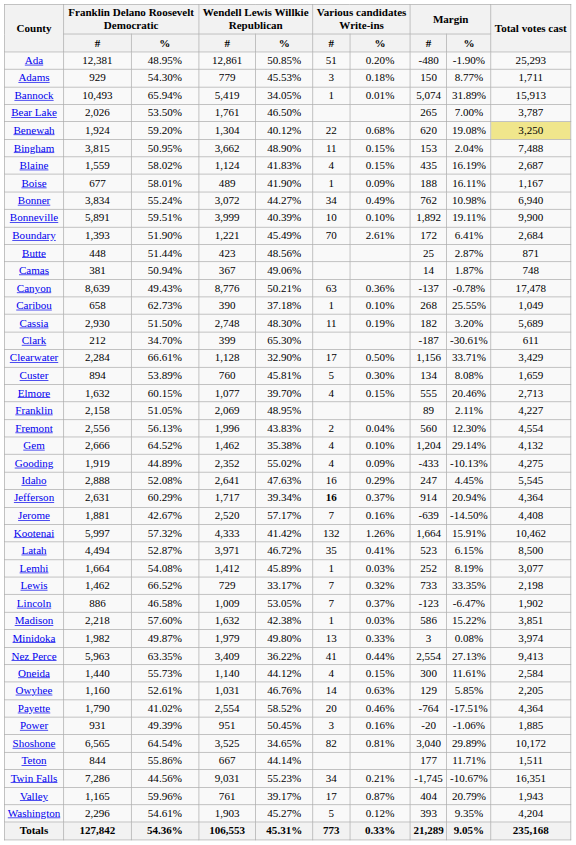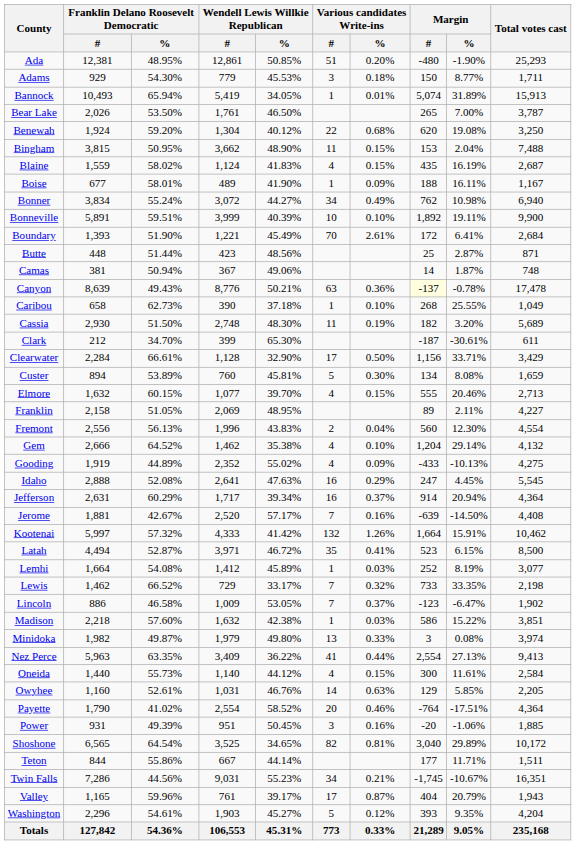 <table width="65%"  class="wikitable sortable" style="text-align:center">
 <tr>
 <th style="text-align:center;" rowspan="2">County</th>
 <th style="text-align:center;" colspan="2">Franklin Delano Roosevelt<br>Democratic</th>
 <th style="text-align:center;" colspan="2">Wendell Lewis Willkie<br>Republican</th>
 <th style="text-align:center;" colspan="2">Various candidates<br>Write-ins</th>
 <th style="text-align:center;" colspan="2">Margin</th>
 <th style="text-align:center;" rowspan="2">Total votes cast</th>
 </tr>
 <tr>
 <th style="text-align:center;" data-sort-type="number">#</th>
 <th style="text-align:center;" data-sort-type="number">%</th>
 <th style="text-align:center;" data-sort-type="number">#</th>
 <th style="text-align:center;" data-sort-type="number">%</th>
 <th style="text-align:center;" data-sort-type="number">#</th>
 <th style="text-align:center;" data-sort-type="number">%</th>
 <th style="text-align:center;" data-sort-type="number">#</th>
 <th style="text-align:center;" data-sort-type="number">%</th>
 </tr>
 <tr style="text-align:center;">
 <td><a href='#'>Ada</a></td>
 <td>12,381</td>
 <td>48.95%</td>
 <td>12,861</td>
 <td>50.85%</td>
 <td>51</td>
 <td>0.20%</td>
 <td>-480</td>
 <td>-1.90%</td>
 <td>25,293</td>
 </tr>
 <tr style="text-align:center;">
 <td><a href='#'>Adams</a></td>
 <td>929</td>
 <td>54.30%</td>
 <td>779</td>
 <td>45.53%</td>
 <td>3</td>
 <td>0.18%</td>
 <td>150</td>
 <td>8.77%</td>
 <td>1,711</td>
 </tr>
 <tr style="text-align:center;">
 <td><a href='#'>Bannock</a></td>
 <td>10,493</td>
 <td>65.94%</td>
 <td>5,419</td>
 <td>34.05%</td>
 <td>1</td>
 <td>0.01%</td>
 <td>5,074</td>
 <td>31.89%</td>
 <td>15,913</td>
 </tr>
 <tr style="text-align:center;">
 <td><a href='#'>Bear Lake</a></td>
 <td>2,026</td>
 <td>53.50%</td>
 <td>1,761</td>
 <td>46.50%</td>
 <td></td>
 <td></td>
 <td>265</td>
 <td>7.00%</td>
 <td>3,787</td>
 </tr>
 <tr style="text-align:center;">
 <td><a href='#'>Benewah</a></td>
 <td>1,924</td>
 <td>59.20%</td>
 <td>1,304</td>
 <td>40.12%</td>
 <td>22</td>
 <td>0.68%</td>
 <td>620</td>
 <td>19.08%</td>
-<td style="background: khaki;">3,250</td>
+<td>3,250</td>
 </tr>
 <tr style="text-align:center;">
 <td><a href='#'>Bingham</a></td>
 <td>3,815</td>
 <td>50.95%</td>
 <td>3,662</td>
 <td>48.90%</td>
 <td>11</td>
 <td>0.15%</td>
 <td>153</td>
 <td>2.04%</td>
 <td>7,488</td>
 </tr>
 <tr style="text-align:center;">
 <td><a href='#'>Blaine</a></td>
 <td>1,559</td>
 <td>58.02%</td>
 <td>1,124</td>
 <td>41.83%</td>
 <td>4</td>
 <td>0.15%</td>
 <td>435</td>
 <td>16.19%</td>
 <td>2,687</td>
 </tr>
 <tr style="text-align:center;">
 <td><a href='#'>Boise</a></td>
 <td>677</td>
 <td>58.01%</td>
 <td>489</td>
 <td>41.90%</td>
 <td>1</td>
 <td>0.09%</td>
 <td>188</td>
 <td>16.11%</td>
 <td>1,167</td>
 </tr>
 <tr style="text-align:center;">
 <td><a href='#'>Bonner</a></td>
 <td>3,834</td>
 <td>55.24%</td>
 <td>3,072</td>
 <td>44.27%</td>
 <td>34</td>
 <td>0.49%</td>
 <td>762</td>
 <td>10.98%</td>
 <td>6,940</td>
 </tr>
 <tr style="text-align:center;">
 <td><a href='#'>Bonneville</a></td>
 <td>5,891</td>
 <td>59.51%</td>
 <td>3,999</td>
 <td>40.39%</td>
 <td>10</td>
 <td>0.10%</td>
 <td>1,892</td>
 <td>19.11%</td>
 <td>9,900</td>
 </tr>
 <tr style="text-align:center;">
 <td><a href='#'>Boundary</a></td>
 <td>1,393</td>
 <td>51.90%</td>
 <td>1,221</td>
 <td>45.49%</td>
 <td>70</td>
 <td>2.61%</td>
 <td>172</td>
 <td>6.41%</td>
 <td>2,684</td>
 </tr>
 <tr style="text-align:center;">
 <td><a href='#'>Butte</a></td>
 <td>448</td>
 <td>51.44%</td>
 <td>423</td>
 <td>48.56%</td>
 <td></td>
 <td></td>
 <td>25</td>
 <td>2.87%</td>
 <td>871</td>
 </tr>
 <tr style="text-align:center;">
 <td><a href='#'>Camas</a></td>
 <td>381</td>
 <td>50.94%</td>
 <td>367</td>
 <td>49.06%</td>
 <td></td>
 <td></td>
 <td>14</td>
 <td>1.87%</td>
 <td>748</td>
 </tr>
 <tr style="text-align:center;">
 <td><a href='#'>Canyon</a></td>
 <td>8,639</td>
 <td>49.43%</td>
 <td>8,776</td>
 <td>50.21%</td>
 <td>63</td>
 <td>0.36%</td>
-<td>-137</td>
+<td style="background: lightyellow;">-137</td>
 <td>-0.78%</td>
 <td>17,478</td>
 </tr>
 <tr style="text-align:center;">
 <td><a href='#'>Caribou</a></td>
 <td>658</td>
 <td>62.73%</td>
 <td>390</td>
 <td>37.18%</td>
 <td>1</td>
 <td>0.10%</td>
 <td>268</td>
 <td>25.55%</td>
 <td>1,049</td>
 </tr>
 <tr style="text-align:center;">
 <td><a href='#'>Cassia</a></td>
 <td>2,930</td>
 <td>51.50%</td>
 <td>2,748</td>
 <td>48.30%</td>
 <td>11</td>
 <td>0.19%</td>
 <td>182</td>
 <td>3.20%</td>
 <td>5,689</td>
 </tr>
 <tr style="text-align:center;">
 <td><a href='#'>Clark</a></td>
 <td>212</td>
 <td>34.70%</td>
 <td>399</td>
 <td>65.30%</td>
 <td></td>
 <td></td>
 <td>-187</td>
 <td>-30.61%</td>
 <td>611</td>
 </tr>
 <tr style="text-align:center;">
 <td><a href='#'>Clearwater</a></td>
 <td>2,284</td>
 <td>66.61%</td>
 <td>1,128</td>
 <td>32.90%</td>
 <td>17</td>
 <td>0.50%</td>
 <td>1,156</td>
 <td>33.71%</td>
 <td>3,429</td>
 </tr>
 <tr style="text-align:center;">
 <td><a href='#'>Custer</a></td>
 <td>894</td>
 <td>53.89%</td>
 <td>760</td>
 <td>45.81%</td>
 <td>5</td>
 <td>0.30%</td>
 <td>134</td>
 <td>8.08%</td>
 <td>1,659</td>
 </tr>
 <tr style="text-align:center;">
 <td><a href='#'>Elmore</a></td>
 <td>1,632</td>
 <td>60.15%</td>
 <td>1,077</td>
 <td>39.70%</td>
 <td>4</td>
 <td>0.15%</td>
 <td>555</td>
 <td>20.46%</td>
 <td>2,713</td>
 </tr>
 <tr style="text-align:center;">
 <td><a href='#'>Franklin</a></td>
 <td>2,158</td>
 <td>51.05%</td>
 <td>2,069</td>
 <td>48.95%</td>
 <td></td>
 <td></td>
 <td>89</td>
 <td>2.11%</td>
 <td>4,227</td>
 </tr>
 <tr style="text-align:center;">
 <td><a href='#'>Fremont</a></td>
 <td>2,556</td>
 <td>56.13%</td>
 <td>1,996</td>
 <td>43.83%</td>
 <td>2</td>
 <td>0.04%</td>
 <td>560</td>
 <td>12.30%</td>
 <td>4,554</td>
 </tr>
 <tr style="text-align:center;">
 <td><a href='#'>Gem</a></td>
 <td>2,666</td>
 <td>64.52%</td>
 <td>1,462</td>
 <td>35.38%</td>
 <td>4</td>
 <td>0.10%</td>
 <td>1,204</td>
 <td>29.14%</td>
 <td>4,132</td>
 </tr>
 <tr style="text-align:center;">
 <td><a href='#'>Gooding</a></td>
 <td>1,919</td>
 <td>44.89%</td>
 <td>2,352</td>
 <td>55.02%</td>
 <td>4</td>
 <td>0.09%</td>
 <td>-433</td>
 <td>-10.13%</td>
 <td>4,275</td>
 </tr>
 <tr style="text-align:center;">
 <td><a href='#'>Idaho</a></td>
 <td>2,888</td>
 <td>52.08%</td>
 <td>2,641</td>
 <td>47.63%</td>
 <td>16</td>
 <td>0.29%</td>
 <td>247</td>
 <td>4.45%</td>
 <td>5,545</td>
 </tr>
 <tr style="text-align:center;">
 <td><a href='#'>Jefferson</a></td>
 <td>2,631</td>
 <td>60.29%</td>
 <td>1,717</td>
 <td>39.34%</td>
-<td><strong>16</strong></td>
+<td>16</td>
 <td>0.37%</td>
 <td>914</td>
 <td>20.94%</td>
 <td>4,364</td>
 </tr>
 <tr style="text-align:center;">
 <td><a href='#'>Jerome</a></td>
 <td>1,881</td>
 <td>42.67%</td>
 <td>2,520</td>
 <td>57.17%</td>
 <td>7</td>
 <td>0.16%</td>
 <td>-639</td>
 <td>-14.50%</td>
 <td>4,408</td>
 </tr>
 <tr style="text-align:center;">
 <td><a href='#'>Kootenai</a></td>
 <td>5,997</td>
 <td>57.32%</td>
 <td>4,333</td>
 <td>41.42%</td>
 <td>132</td>
 <td>1.26%</td>
 <td>1,664</td>
 <td>15.91%</td>
 <td>10,462</td>
 </tr>
 <tr style="text-align:center;">
 <td><a href='#'>Latah</a></td>
 <td>4,494</td>
 <td>52.87%</td>
 <td>3,971</td>
 <td>46.72%</td>
 <td>35</td>
 <td>0.41%</td>
 <td>523</td>
 <td>6.15%</td>
 <td>8,500</td>
 </tr>
 <tr style="text-align:center;">
 <td><a href='#'>Lemhi</a></td>
 <td>1,664</td>
 <td>54.08%</td>
 <td>1,412</td>
 <td>45.89%</td>
 <td>1</td>
 <td>0.03%</td>
 <td>252</td>
 <td>8.19%</td>
 <td>3,077</td>
 </tr>
 <tr style="text-align:center;">
 <td><a href='#'>Lewis</a></td>
 <td>1,462</td>
 <td>66.52%</td>
 <td>729</td>
 <td>33.17%</td>
 <td>7</td>
 <td>0.32%</td>
 <td>733</td>
 <td>33.35%</td>
 <td>2,198</td>
 </tr>
 <tr style="text-align:center;">
 <td><a href='#'>Lincoln</a></td>
 <td>886</td>
 <td>46.58%</td>
 <td>1,009</td>
 <td>53.05%</td>
 <td>7</td>
 <td>0.37%</td>
 <td>-123</td>
 <td>-6.47%</td>
 <td>1,902</td>
 </tr>
 <tr style="text-align:center;">
 <td><a href='#'>Madison</a></td>
 <td>2,218</td>
 <td>57.60%</td>
 <td>1,632</td>
 <td>42.38%</td>
 <td>1</td>
 <td>0.03%</td>
 <td>586</td>
 <td>15.22%</td>
 <td>3,851</td>
 </tr>
 <tr style="text-align:center;">
 <td><a href='#'>Minidoka</a></td>
 <td>1,982</td>
 <td>49.87%</td>
 <td>1,979</td>
 <td>49.80%</td>
 <td>13</td>
 <td>0.33%</td>
 <td>3</td>
 <td>0.08%</td>
 <td>3,974</td>
 </tr>
 <tr style="text-align:center;">
 <td><a href='#'>Nez Perce</a></td>
 <td>5,963</td>
 <td>63.35%</td>
 <td>3,409</td>
 <td>36.22%</td>
 <td>41</td>
 <td>0.44%</td>
 <td>2,554</td>
 <td>27.13%</td>
 <td>9,413</td>
 </tr>
 <tr style="text-align:center;">
 <td><a href='#'>Oneida</a></td>
 <td>1,440</td>
 <td>55.73%</td>
 <td>1,140</td>
 <td>44.12%</td>
 <td>4</td>
 <td>0.15%</td>
 <td>300</td>
 <td>11.61%</td>
 <td>2,584</td>
 </tr>
 <tr style="text-align:center;">
 <td><a href='#'>Owyhee</a></td>
 <td>1,160</td>
 <td>52.61%</td>
 <td>1,031</td>
 <td>46.76%</td>
 <td>14</td>
 <td>0.63%</td>
 <td>129</td>
 <td>5.85%</td>
 <td>2,205</td>
 </tr>
 <tr style="text-align:center;">
 <td><a href='#'>Payette</a></td>
 <td>1,790</td>
 <td>41.02%</td>
 <td>2,554</td>
 <td>58.52%</td>
 <td>20</td>
 <td>0.46%</td>
 <td>-764</td>
 <td>-17.51%</td>
 <td>4,364</td>
 </tr>
 <tr style="text-align:center;">
 <td><a href='#'>Power</a></td>
 <td>931</td>
 <td>49.39%</td>
 <td>951</td>
 <td>50.45%</td>
 <td>3</td>
 <td>0.16%</td>
 <td>-20</td>
 <td>-1.06%</td>
 <td>1,885</td>
 </tr>
 <tr style="text-align:center;">
 <td><a href='#'>Shoshone</a></td>
 <td>6,565</td>
 <td>64.54%</td>
 <td>3,525</td>
 <td>34.65%</td>
 <td>82</td>
 <td>0.81%</td>
 <td>3,040</td>
 <td>29.89%</td>
 <td>10,172</td>
 </tr>
 <tr style="text-align:center;">
 <td><a href='#'>Teton</a></td>
 <td>844</td>
 <td>55.86%</td>
 <td>667</td>
 <td>44.14%</td>
 <td></td>
 <td></td>
 <td>177</td>
 <td>11.71%</td>
 <td>1,511</td>
 </tr>
 <tr style="text-align:center;">
 <td><a href='#'>Twin Falls</a></td>
 <td>7,286</td>
 <td>44.56%</td>
 <td>9,031</td>
 <td>55.23%</td>
 <td>34</td>
 <td>0.21%</td>
 <td>-1,745</td>
 <td>-10.67%</td>
 <td>16,351</td>
 </tr>
 <tr style="text-align:center;">
 <td><a href='#'>Valley</a></td>
 <td>1,165</td>
 <td>59.96%</td>
 <td>761</td>
 <td>39.17%</td>
 <td>17</td>
 <td>0.87%</td>
 <td>404</td>
 <td>20.79%</td>
 <td>1,943</td>
 </tr>
 <tr style="text-align:center;">
 <td><a href='#'>Washington</a></td>
 <td>2,296</td>
 <td>54.61%</td>
 <td>1,903</td>
 <td>45.27%</td>
 <td>5</td>
 <td>0.12%</td>
 <td>393</td>
 <td>9.35%</td>
 <td>4,204</td>
 </tr>
 <tr style="text-align:center;">
 <th>Totals</th>
 <th>127,842</th>
 <th>54.36%</th>
 <th>106,553</th>
 <th>45.31%</th>
 <th>773</th>
 <th>0.33%</th>
 <th>21,289</th>
 <th>9.05%</th>
 <th>235,168</th>
 </tr>
 </table>
